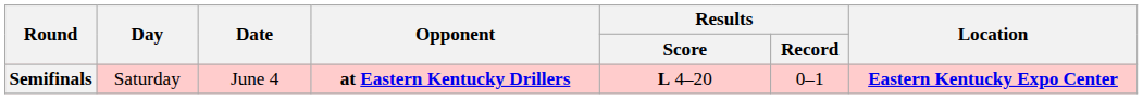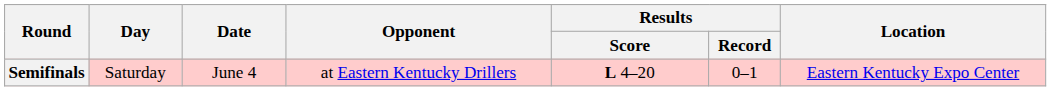 <table class="wikitable">
 <tr>
 <th rowspan="2" width="40">Round</th>
 <th rowspan="2" width="80">Day</th>
 <th rowspan="2" width="90">Date</th>
 <th rowspan="2" width="240">Opponent</th>
 <th colspan="2" width="200">Results</th>
 <th rowspan="2" width="240">Location</th>
 </tr>
 <tr>
 <th width="140">Score</th>
 <th width="60">Record</th>
 </tr>
 <tr align="center" bgcolor="#FFCCCC">
 <th>Semifinals</th>
 <td>Saturday</td>
 <td>June 4</td>
-<td><strong>at <a href='#'>Eastern Kentucky Drillers</a></strong></td>
+<td>at <a href='#'>Eastern Kentucky Drillers</a></td>
 <td><strong>L</strong> 4–20</td>
 <td>0–1</td>
-<td><strong><a href='#'>Eastern Kentucky Expo Center</a></strong></td>
+<td><a href='#'>Eastern Kentucky Expo Center</a></td>
 </tr>
 </table>
